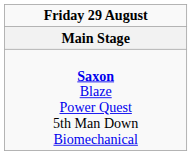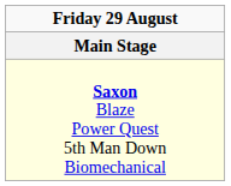 <table class="wikitable">
 <tr>
 <td align="center"><strong>Friday 29 August</strong></td>
 </tr>
 <tr>
 <th>Main Stage</th>
 </tr>
 <tr>
-<td valign="top" align="center" width=200><br><strong><a href='#'>Saxon</a></strong><br> <a href='#'>Blaze</a><br> <a href='#'>Power Quest</a><br> 5th Man Down<br> <a href='#'>Biomechanical</a><br></td>
+<td valign="top" align="center" width=200 style="background: lightyellow;"><br><strong><a href='#'>Saxon</a></strong><br> <a href='#'>Blaze</a><br> <a href='#'>Power Quest</a><br> 5th Man Down<br> <a href='#'>Biomechanical</a><br></td>
 </tr>
 </table>
